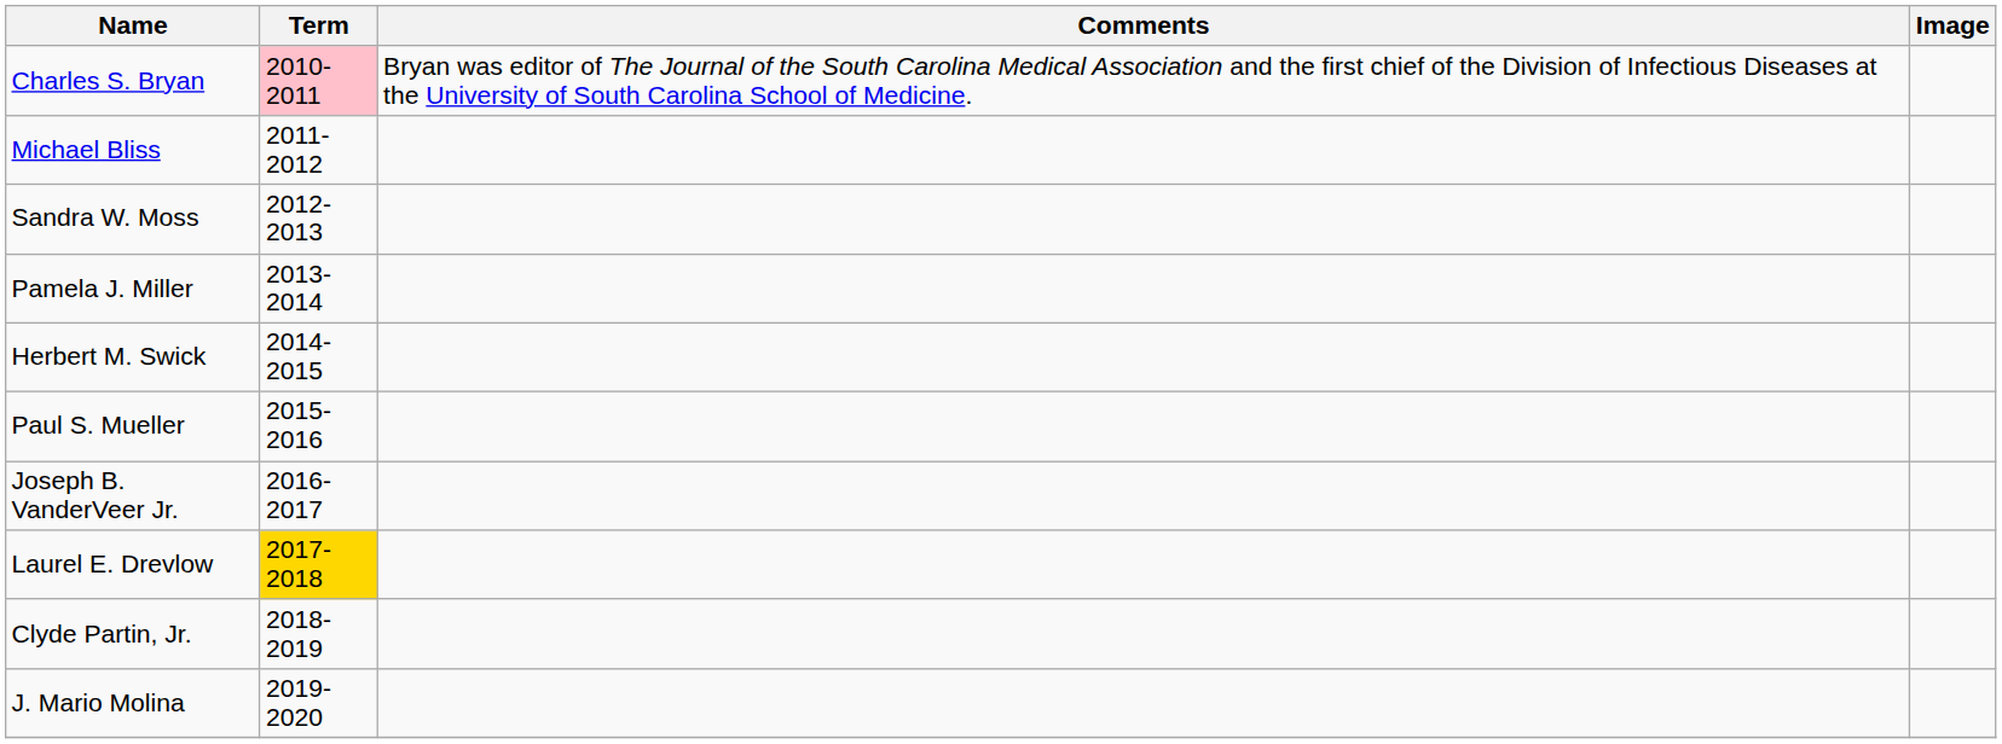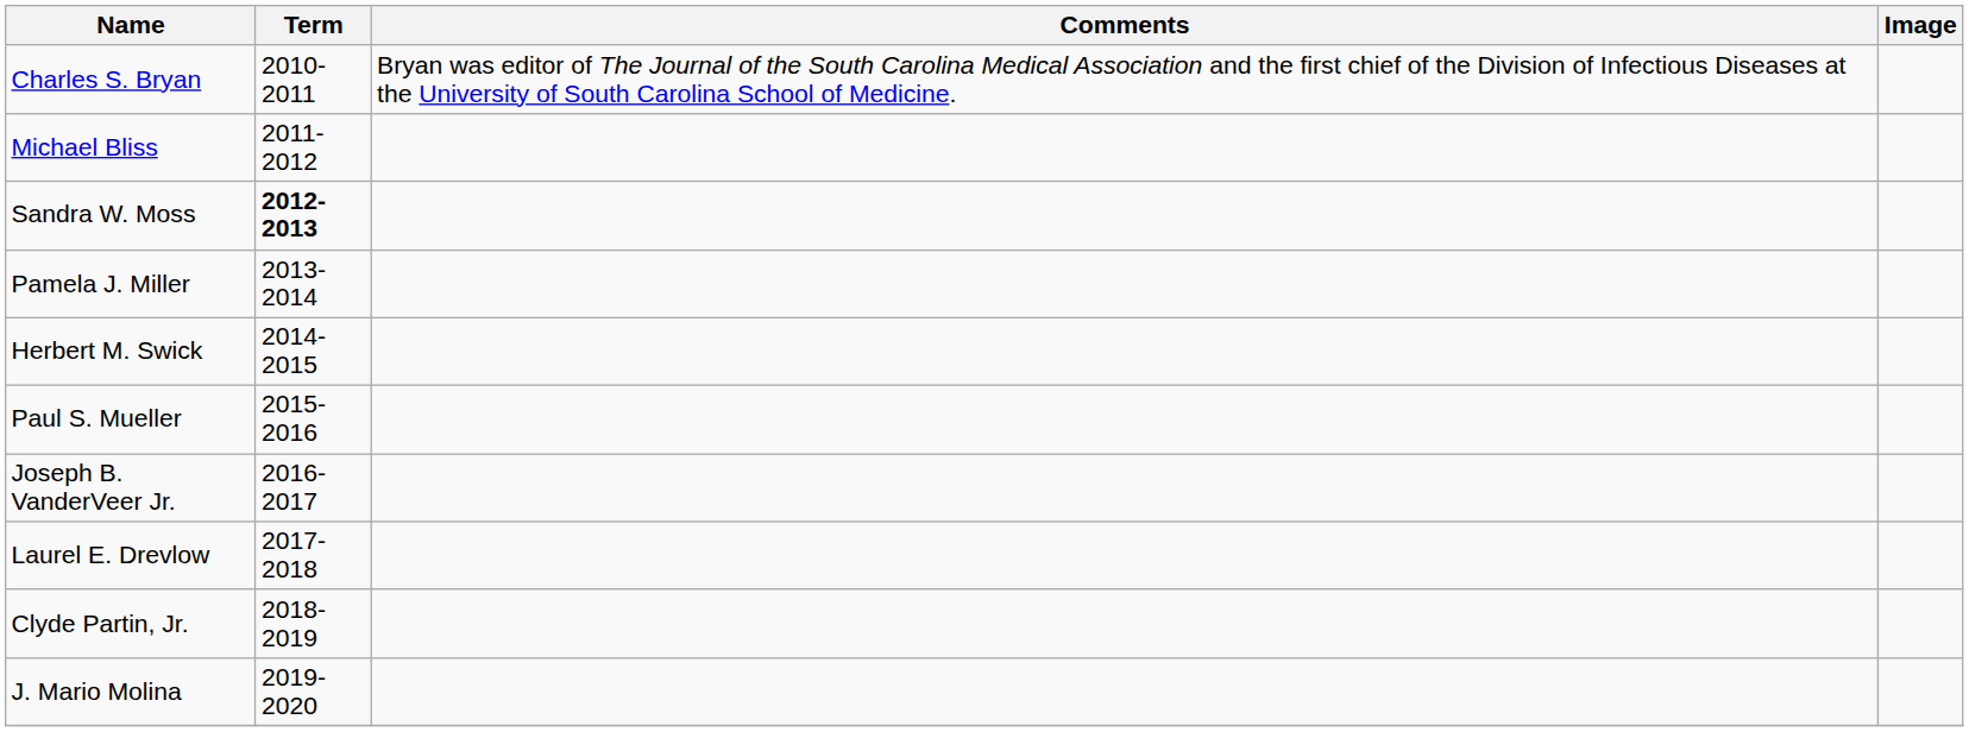 <table class="wikitable">
 <tr>
 <th>Name</th>
 <th>Term</th>
 <th>Comments</th>
 <th>Image</th>
 </tr>
 <tr>
 <td><a href='#'>Charles S. Bryan</a></td>
-<td style="background: pink;">2010-2011</td>
+<td>2010-2011</td>
 <td>Bryan was editor of <em>The Journal of the South Carolina Medical Association</em> and the first chief of the Division of Infectious Diseases at the <a href='#'>University of South Carolina School of Medicine</a>.</td>
 <td></td>
 </tr>
 <tr>
 <td><a href='#'>Michael Bliss</a></td>
 <td>2011-2012</td>
 <td></td>
 <td></td>
 </tr>
 <tr>
 <td>Sandra W. Moss</td>
-<td>2012-2013</td>
+<td><strong>2012-2013</strong></td>
 <td></td>
 <td></td>
 </tr>
 <tr>
 <td>Pamela J. Miller</td>
 <td>2013-2014</td>
 <td></td>
 <td></td>
 </tr>
 <tr>
 <td>Herbert M. Swick</td>
 <td>2014-2015</td>
 <td></td>
 <td></td>
 </tr>
 <tr>
 <td>Paul S. Mueller</td>
 <td>2015-2016</td>
 <td></td>
 <td></td>
 </tr>
 <tr>
 <td>Joseph B. VanderVeer Jr.</td>
 <td>2016-2017</td>
 <td></td>
 <td></td>
 </tr>
 <tr>
 <td>Laurel E. Drevlow</td>
-<td style="background: gold;">2017-2018</td>
+<td>2017-2018</td>
 <td></td>
 <td></td>
 </tr>
 <tr>
 <td>Clyde Partin, Jr.</td>
 <td>2018-2019</td>
 <td></td>
 <td></td>
 </tr>
 <tr>
 <td>J. Mario Molina</td>
 <td>2019-2020</td>
 <td></td>
 <td></td>
 </tr>
 <tr>
 </tr>
 </table>
